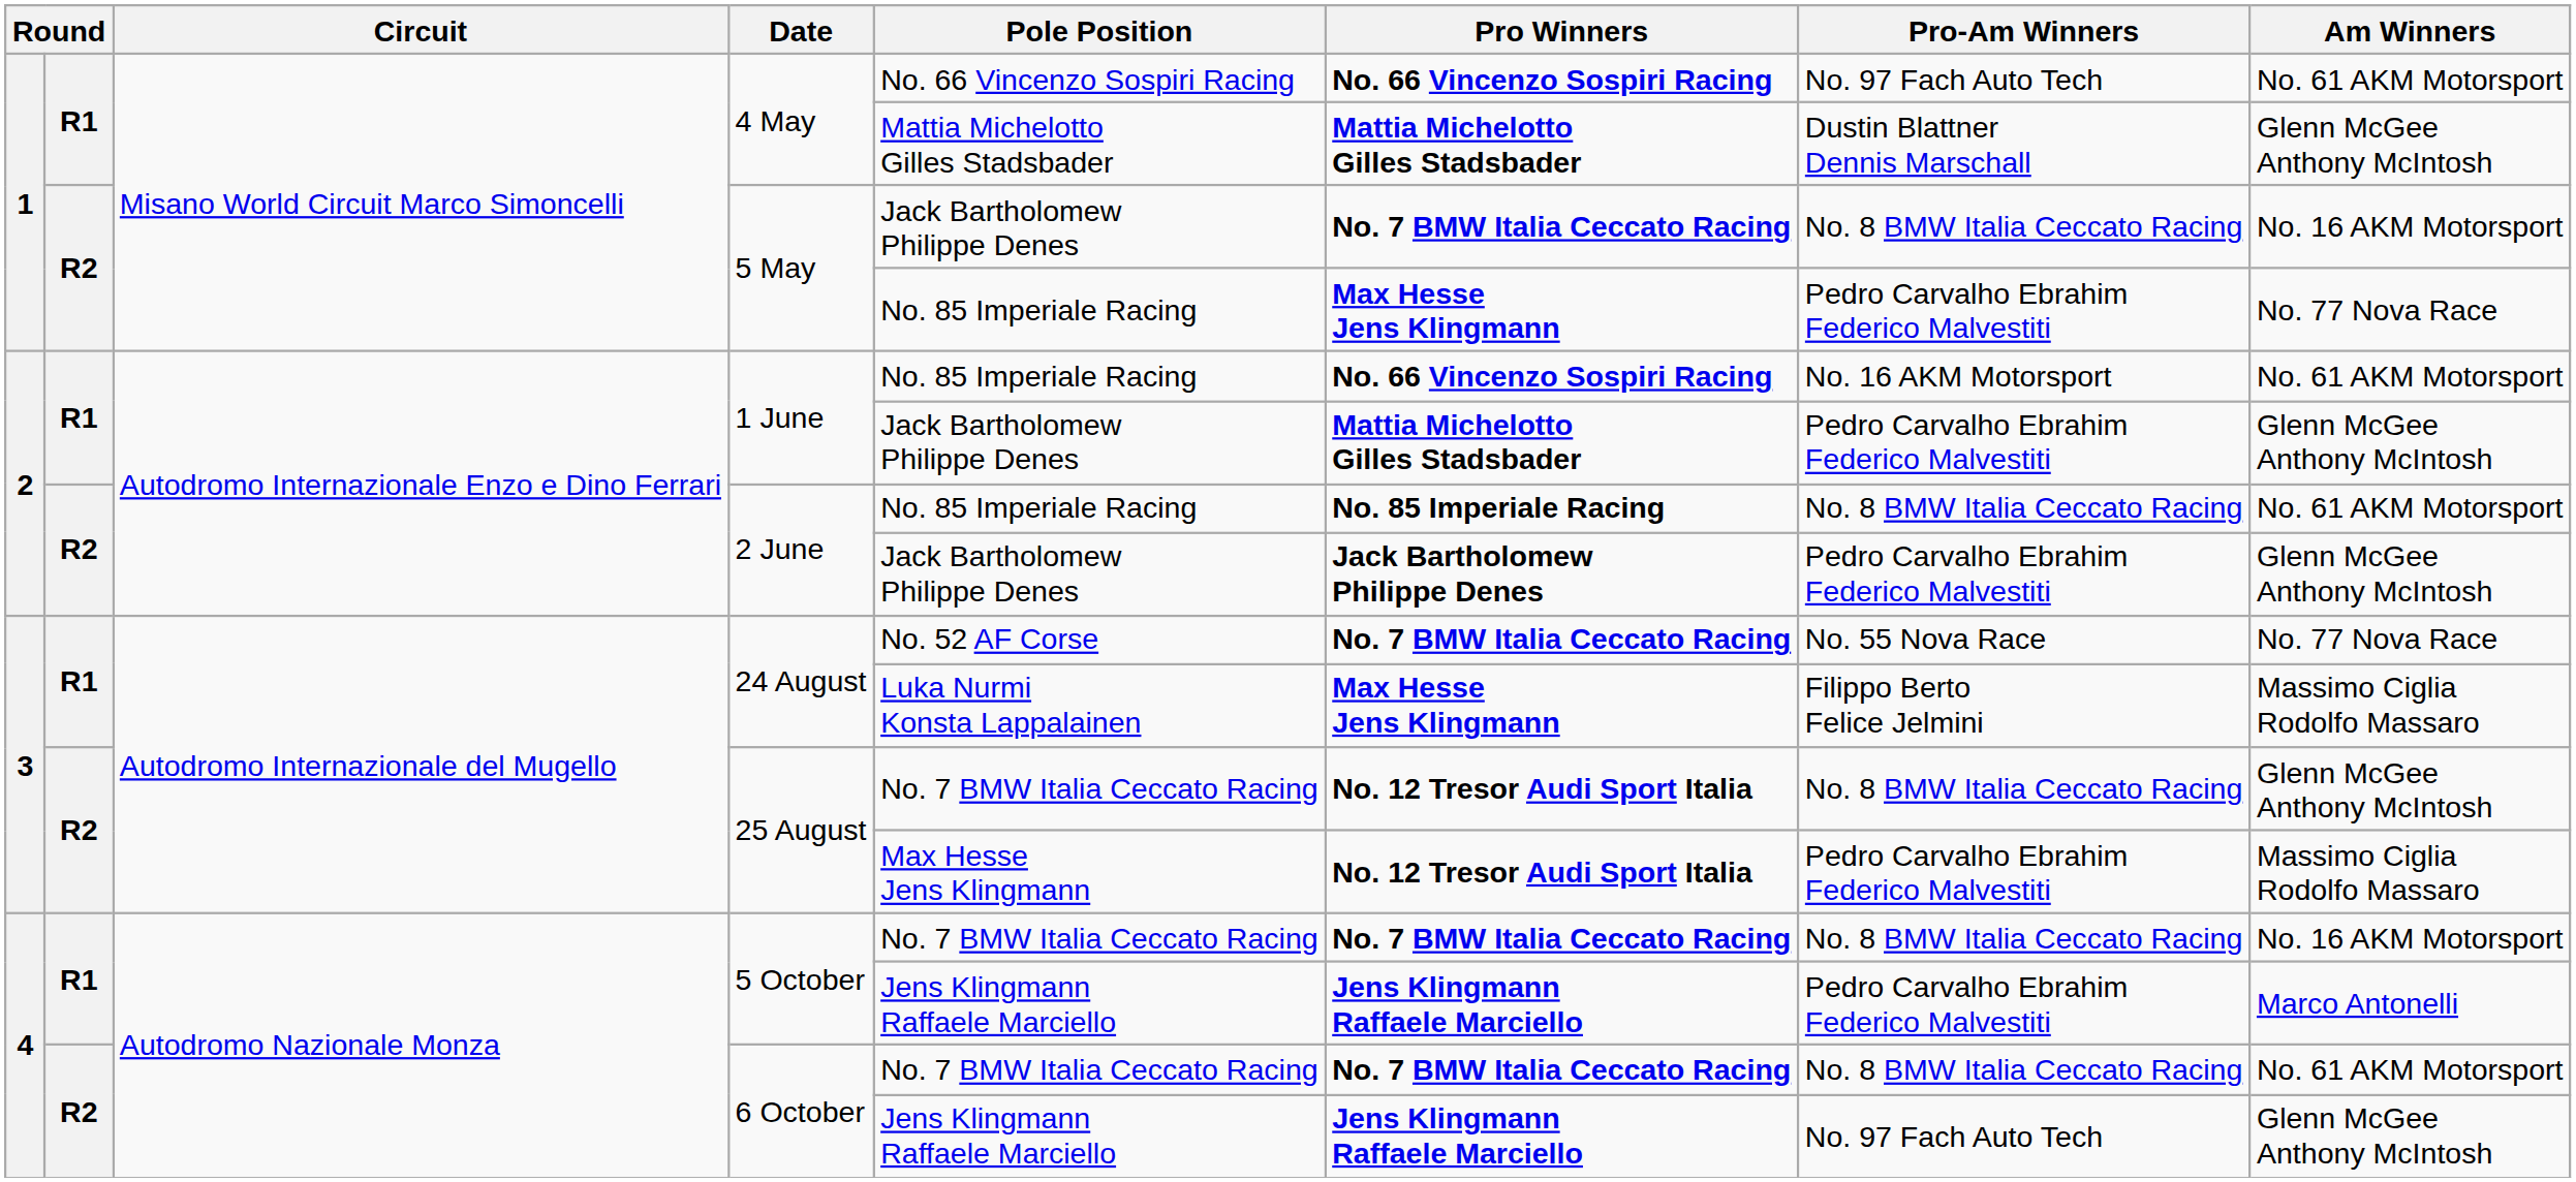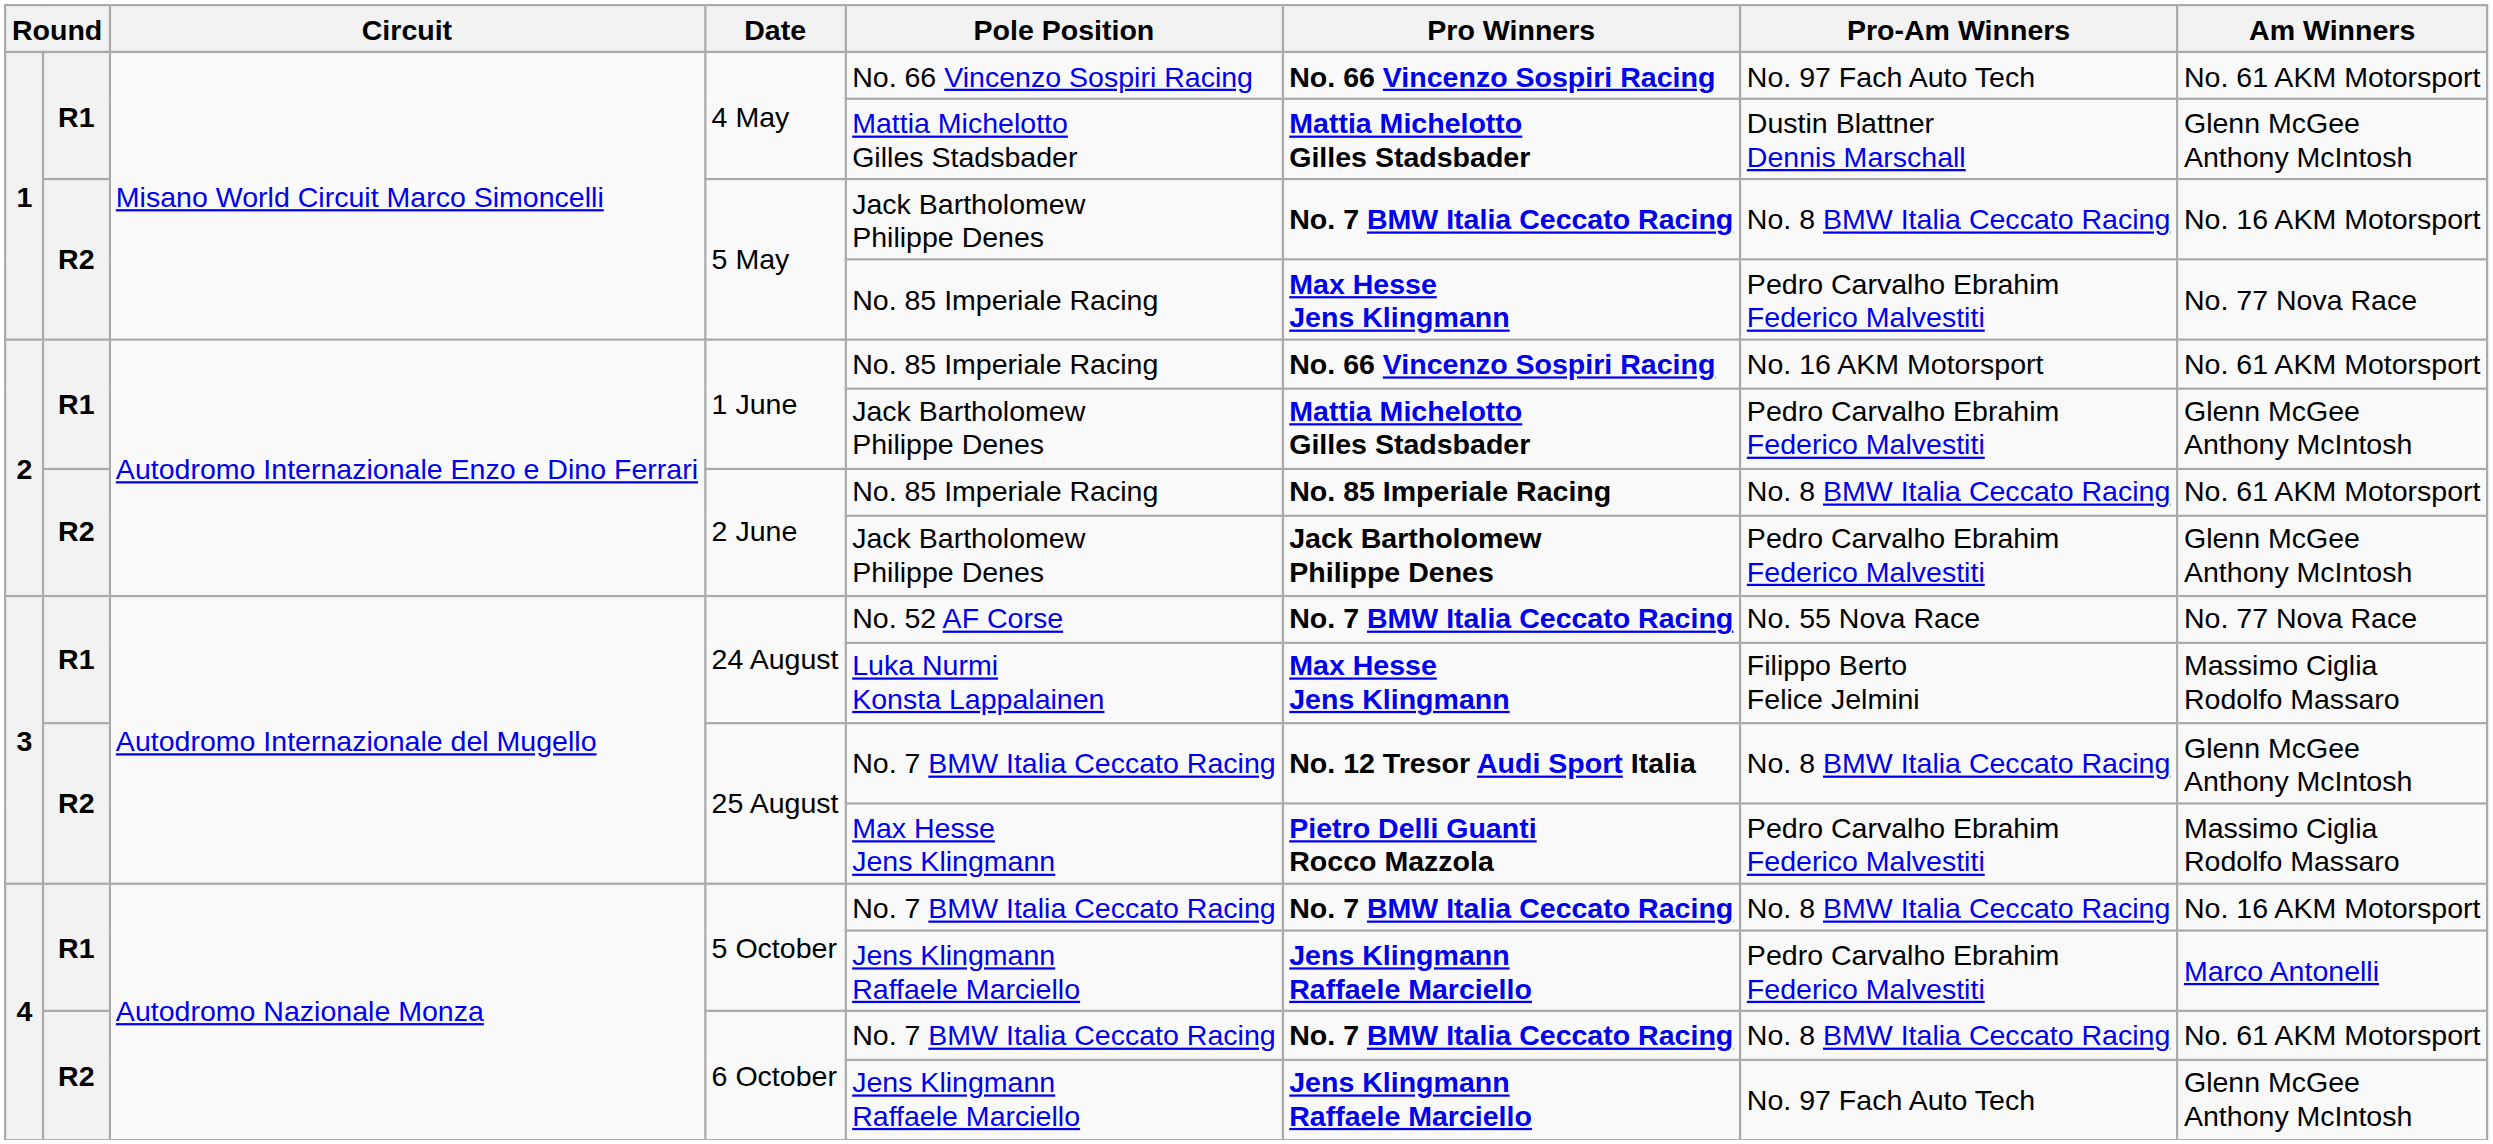 <table class="wikitable" style="font-size:80%;">
 <tr>
 <th colspan="2">Round</th>
 <th>Circuit</th>
 <th>Date</th>
 <th>Pole Position</th>
 <th>Pro Winners</th>
 <th>Pro-Am Winners</th>
 <th>Am Winners</th>
 </tr>
 <tr>
 <th rowspan="4">1</th>
 <th rowspan="2">R1</th>
 <td rowspan="4"> <a href='#'>Misano World Circuit Marco Simoncelli</a></td>
 <td rowspan="2">4 May</td>
 <td> No. 66 <a href='#'>Vincenzo Sospiri Racing</a></td>
 <td><strong> No. 66 <a href='#'>Vincenzo Sospiri Racing</a></strong></td>
 <td> No. 97 Fach Auto Tech</td>
 <td> No. 61 AKM Motorsport</td>
 </tr>
 <tr>
 <td> <a href='#'>Mattia Michelotto</a><br> Gilles Stadsbader</td>
 <td><strong> <a href='#'>Mattia Michelotto</a><br> Gilles Stadsbader</strong></td>
 <td> Dustin Blattner<br> <a href='#'>Dennis Marschall</a></td>
 <td> Glenn McGee<br> Anthony McIntosh</td>
 </tr>
 <tr>
 <th rowspan="2">R2</th>
 <td rowspan="2">5 May</td>
 <td> Jack Bartholomew<br> Philippe Denes</td>
 <td><strong> No. 7 <a href='#'>BMW Italia Ceccato Racing</a></strong></td>
 <td> No. 8 <a href='#'>BMW Italia Ceccato Racing</a></td>
 <td> No. 16 AKM Motorsport</td>
 </tr>
 <tr>
 <td> No. 85 Imperiale Racing</td>
 <td><strong> <a href='#'>Max Hesse</a><br> <a href='#'>Jens Klingmann</a></strong></td>
 <td> Pedro Carvalho Ebrahim<br> <a href='#'>Federico Malvestiti</a></td>
 <td> No. 77 Nova Race</td>
 </tr>
 <tr>
 <th rowspan="4">2</th>
 <th rowspan="2">R1</th>
 <td rowspan="4"> <a href='#'>Autodromo Internazionale Enzo e Dino Ferrari</a></td>
 <td rowspan="2">1 June</td>
 <td> No. 85 Imperiale Racing</td>
 <td><strong> No. 66 <a href='#'>Vincenzo Sospiri Racing</a></strong></td>
 <td> No. 16 AKM Motorsport</td>
 <td> No. 61 AKM Motorsport</td>
 </tr>
 <tr>
 <td> Jack Bartholomew<br> Philippe Denes</td>
 <td><strong> <a href='#'>Mattia Michelotto</a><br> Gilles Stadsbader</strong></td>
 <td> Pedro Carvalho Ebrahim<br> <a href='#'>Federico Malvestiti</a></td>
 <td> Glenn McGee<br> Anthony McIntosh</td>
 </tr>
 <tr>
 <th rowspan="2">R2</th>
 <td rowspan="2">2 June</td>
 <td> No. 85 Imperiale Racing</td>
 <td><strong> No. 85 Imperiale Racing</strong></td>
 <td> No. 8 <a href='#'>BMW Italia Ceccato Racing</a></td>
 <td> No. 61 AKM Motorsport</td>
 </tr>
 <tr>
 <td> Jack Bartholomew<br> Philippe Denes</td>
 <td><strong> Jack Bartholomew<br> Philippe Denes</strong></td>
 <td> Pedro Carvalho Ebrahim<br> <a href='#'>Federico Malvestiti</a></td>
 <td> Glenn McGee<br> Anthony McIntosh</td>
 </tr>
 <tr>
 <th rowspan="4">3</th>
 <th rowspan="2">R1</th>
 <td rowspan="4"> <a href='#'>Autodromo Internazionale del Mugello</a></td>
 <td rowspan="2">24 August</td>
 <td> No. 52 <a href='#'>AF Corse</a></td>
 <td><strong> No. 7 <a href='#'>BMW Italia Ceccato Racing</a></strong></td>
 <td> No. 55 Nova Race</td>
 <td> No. 77 Nova Race</td>
 </tr>
 <tr>
 <td> <a href='#'>Luka Nurmi</a><br> <a href='#'>Konsta Lappalainen</a></td>
 <td><strong> <a href='#'>Max Hesse</a><br> <a href='#'>Jens Klingmann</a></strong></td>
 <td> Filippo Berto<br> Felice Jelmini</td>
 <td> Massimo Ciglia<br> Rodolfo Massaro</td>
 </tr>
 <tr>
 <th rowspan="2">R2</th>
 <td rowspan="2">25 August</td>
 <td> No. 7 <a href='#'>BMW Italia Ceccato Racing</a></td>
 <td><strong> No. 12 Tresor <a href='#'>Audi Sport</a> Italia</strong></td>
 <td> No. 8 <a href='#'>BMW Italia Ceccato Racing</a></td>
 <td> Glenn McGee<br> Anthony McIntosh</td>
 </tr>
 <tr>
 <td> <a href='#'>Max Hesse</a><br> <a href='#'>Jens Klingmann</a></td>
-<td><strong> No. 12 Tresor <a href='#'>Audi Sport</a> Italia</strong></td>
+<td><strong> <a href='#'>Pietro Delli Guanti</a><br> Rocco Mazzola</strong></td>
 <td> Pedro Carvalho Ebrahim<br> <a href='#'>Federico Malvestiti</a></td>
 <td> Massimo Ciglia<br> Rodolfo Massaro</td>
 </tr>
 <tr>
 <th rowspan="4">4</th>
 <th rowspan="2">R1</th>
 <td rowspan="4"> <a href='#'>Autodromo Nazionale Monza</a></td>
 <td rowspan="2">5 October</td>
 <td> No. 7 <a href='#'>BMW Italia Ceccato Racing</a></td>
 <td><strong> No. 7 <a href='#'>BMW Italia Ceccato Racing</a></strong></td>
 <td> No. 8 <a href='#'>BMW Italia Ceccato Racing</a></td>
 <td> No. 16 AKM Motorsport</td>
 </tr>
 <tr>
 <td> <a href='#'>Jens Klingmann</a><br> <a href='#'>Raffaele Marciello</a></td>
 <td><strong> <a href='#'>Jens Klingmann</a><br> <a href='#'>Raffaele Marciello</a></strong></td>
 <td> Pedro Carvalho Ebrahim<br> <a href='#'>Federico Malvestiti</a></td>
 <td> <a href='#'>Marco Antonelli</a></td>
 </tr>
 <tr>
 <th rowspan="2">R2</th>
 <td rowspan="2">6 October</td>
 <td> No. 7 <a href='#'>BMW Italia Ceccato Racing</a></td>
 <td><strong> No. 7 <a href='#'>BMW Italia Ceccato Racing</a></strong></td>
 <td> No. 8 <a href='#'>BMW Italia Ceccato Racing</a></td>
 <td> No. 61 AKM Motorsport</td>
 </tr>
 <tr>
 <td> <a href='#'>Jens Klingmann</a><br> <a href='#'>Raffaele Marciello</a></td>
 <td><strong> <a href='#'>Jens Klingmann</a><br> <a href='#'>Raffaele Marciello</a></strong></td>
 <td> No. 97 Fach Auto Tech</td>
 <td> Glenn McGee<br> Anthony McIntosh</td>
 </tr>
 </table>
